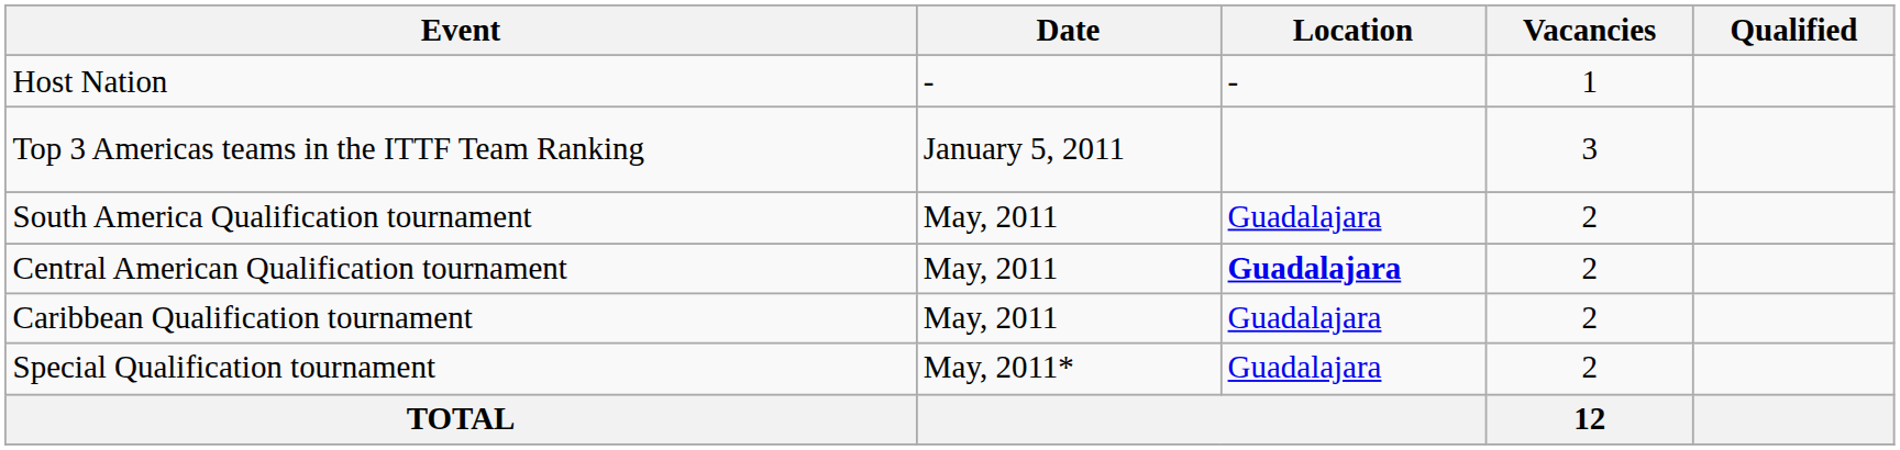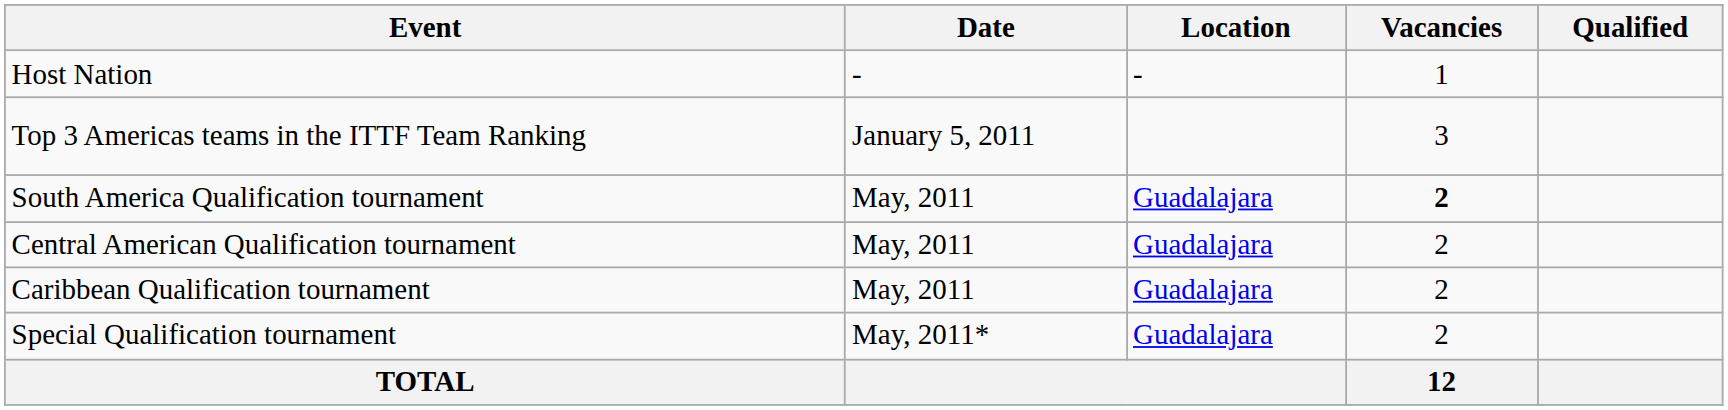 <table class="wikitable" width=950>
 <tr>
 <th>Event</th>
 <th>Date</th>
 <th>Location</th>
 <th>Vacancies</th>
 <th>Qualified</th>
 </tr>
 <tr>
 <td>Host Nation</td>
 <td>-</td>
 <td>-</td>
 <td align=center>1</td>
 <td></td>
 </tr>
 <tr>
 <td>Top 3 Americas teams in the ITTF Team Ranking</td>
 <td>January 5, 2011</td>
 <td></td>
 <td align=center>3</td>
 <td>  <br>  <br> </td>
 </tr>
 <tr>
 <td>South America Qualification tournament</td>
 <td>May, 2011</td>
 <td> <a href='#'>Guadalajara</a></td>
-<td align=center>2</td>
+<td align=center><strong>2</strong></td>
 <td> <br> </td>
 </tr>
 <tr>
 <td>Central American Qualification tournament</td>
 <td>May, 2011</td>
-<td><strong> <a href='#'>Guadalajara</a></strong></td>
+<td> <a href='#'>Guadalajara</a></td>
 <td align=center>2</td>
 <td> <br> </td>
 </tr>
 <tr>
 <td>Caribbean Qualification tournament</td>
 <td>May, 2011</td>
 <td> <a href='#'>Guadalajara</a></td>
 <td align=center>2</td>
 <td> <br> </td>
 </tr>
 <tr>
 <td>Special Qualification tournament</td>
 <td>May, 2011*</td>
 <td> <a href='#'>Guadalajara</a></td>
 <td align=center>2</td>
 <td> <br> </td>
 </tr>
 <tr>
 <th>TOTAL</th>
 <th colspan="2"></th>
 <th>12</th>
 <th></th>
 </tr>
 </table>
